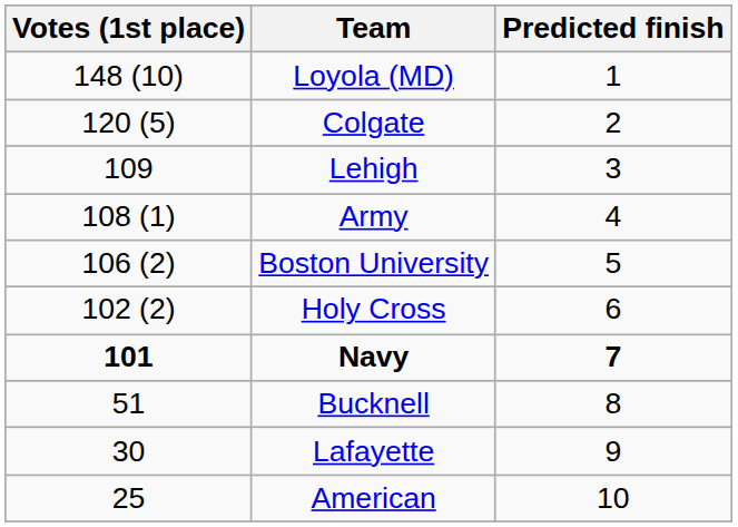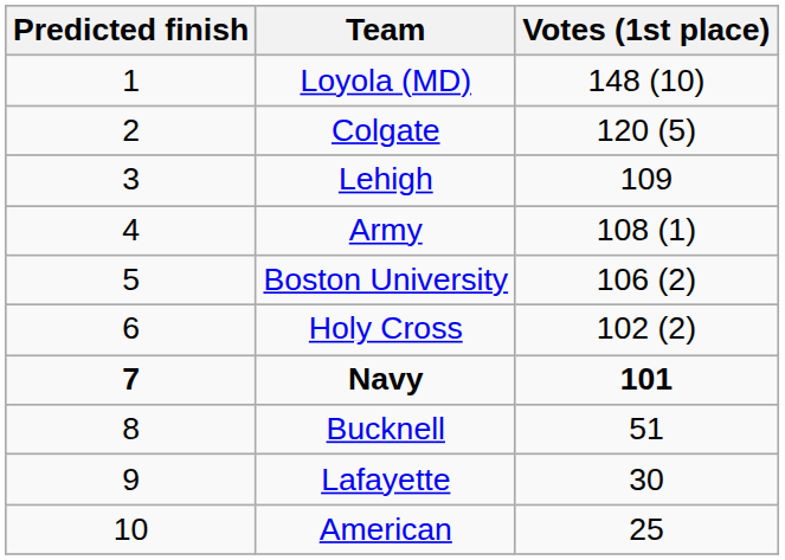 <table class="wikitable" border="1">
 <tr align=center>
+<th>Predicted finish</th>
+<th>Team</th>
 <th>Votes (1st place)</th>
-<th>Team</th>
-<th>Predicted finish</th>
 </tr>
 <tr align="center">
+<td>1</td>
+<td><a href='#'>Loyola (MD)</a></td>
 <td>148 (10)</td>
-<td><a href='#'>Loyola (MD)</a></td>
-<td>1</td>
 </tr>
 <tr align="center">
+<td>2</td>
+<td><a href='#'>Colgate</a></td>
 <td>120 (5)</td>
-<td><a href='#'>Colgate</a></td>
-<td>2</td>
 </tr>
 <tr align="center">
+<td>3</td>
+<td><a href='#'>Lehigh</a></td>
 <td>109</td>
-<td><a href='#'>Lehigh</a></td>
-<td>3</td>
 </tr>
 <tr align="center">
+<td>4</td>
+<td><a href='#'>Army</a></td>
 <td>108 (1)</td>
-<td><a href='#'>Army</a></td>
-<td>4</td>
 </tr>
 <tr align="center">
+<td>5</td>
+<td><a href='#'>Boston University</a></td>
 <td>106 (2)</td>
-<td><a href='#'>Boston University</a></td>
-<td>5</td>
 </tr>
 <tr align="center">
+<td>6</td>
+<td><a href='#'>Holy Cross</a></td>
 <td>102 (2)</td>
-<td><a href='#'>Holy Cross</a></td>
-<td>6</td>
 </tr>
 <tr align="center">
+<td><strong>7</strong></td>
+<td><strong>Navy</strong></td>
 <td><strong>101</strong></td>
-<td><strong>Navy</strong></td>
-<td><strong>7</strong></td>
 </tr>
 <tr align="center">
+<td>8</td>
+<td><a href='#'>Bucknell</a></td>
 <td>51</td>
-<td><a href='#'>Bucknell</a></td>
-<td>8</td>
 </tr>
 <tr align="center">
+<td>9</td>
+<td><a href='#'>Lafayette</a></td>
 <td>30</td>
-<td><a href='#'>Lafayette</a></td>
-<td>9</td>
 </tr>
 <tr align="center">
+<td>10</td>
+<td><a href='#'>American</a></td>
 <td>25</td>
-<td><a href='#'>American</a></td>
-<td>10</td>
 </tr>
 </table>
